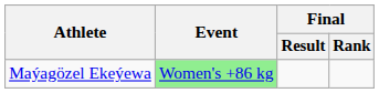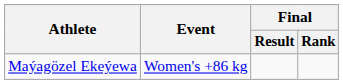 <table class="wikitable" style="text-align: center; font-size:90%">
 <tr>
 <th rowspan="2">Athlete</th>
 <th rowspan="2">Event</th>
 <th colspan="2">Final</th>
 </tr>
 <tr style="font-size:95%">
 <th>Result</th>
 <th>Rank</th>
 </tr>
 <tr>
 <td align=left><a href='#'>Maýagözel Ekeýewa</a></td>
-<td align=left style="background: lightgreen;"><a href='#'>Women's +86 kg</a></td>
+<td align=left><a href='#'>Women's +86 kg</a></td>
 <td></td>
 <td></td>
 </tr>
 </table>
